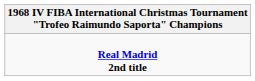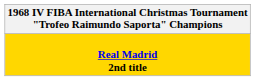 <table class=wikitable style="text-align:center; margin:auto">
 <tr>
 <th>1968 IV FIBA International Christmas Tournament<br>"Trofeo Raimundo Saporta" Champions</th>
 </tr>
 <tr>
-<td><br><strong><a href='#'>Real Madrid</a></strong><br><strong>2nd title</strong></td>
+<td style="background: gold;"><br><strong><a href='#'>Real Madrid</a></strong><br><strong>2nd title</strong></td>
 </tr>
 </table>
